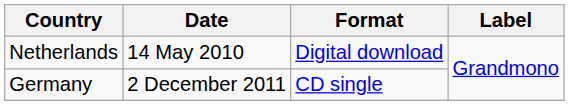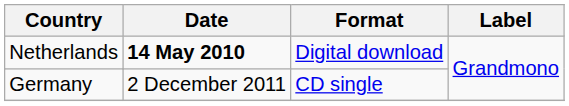 <table class="wikitable plainrowheaders">
 <tr>
 <th scope="col">Country</th>
 <th scope="col">Date</th>
 <th scope="col">Format</th>
 <th scope="col">Label</th>
 </tr>
 <tr>
 <td>Netherlands</td>
-<td>14 May 2010</td>
+<td><strong>14 May 2010</strong></td>
 <td rowspan="2"><a href='#'>Digital download</a></td>
 <td rowspan="3"><a href='#'>Grandmono</a></td>
 </tr>
 <tr>
 <td rowspan="2">Germany </td>
 <td rowspan="2">2 December 2011</td>
 </tr>
 <tr>
 <td><a href='#'>CD single</a></td>
 </tr>
 <tr>
 </tr>
 </table>
